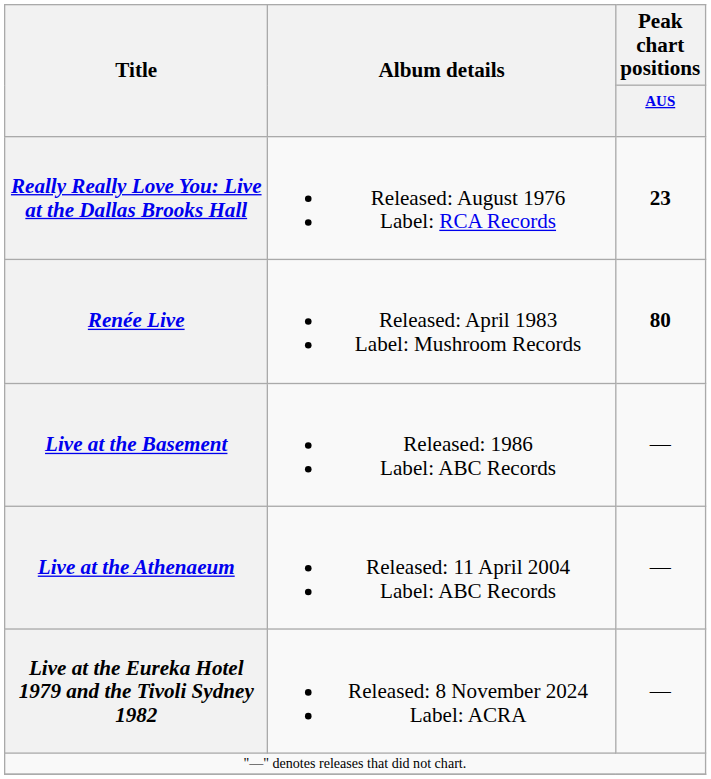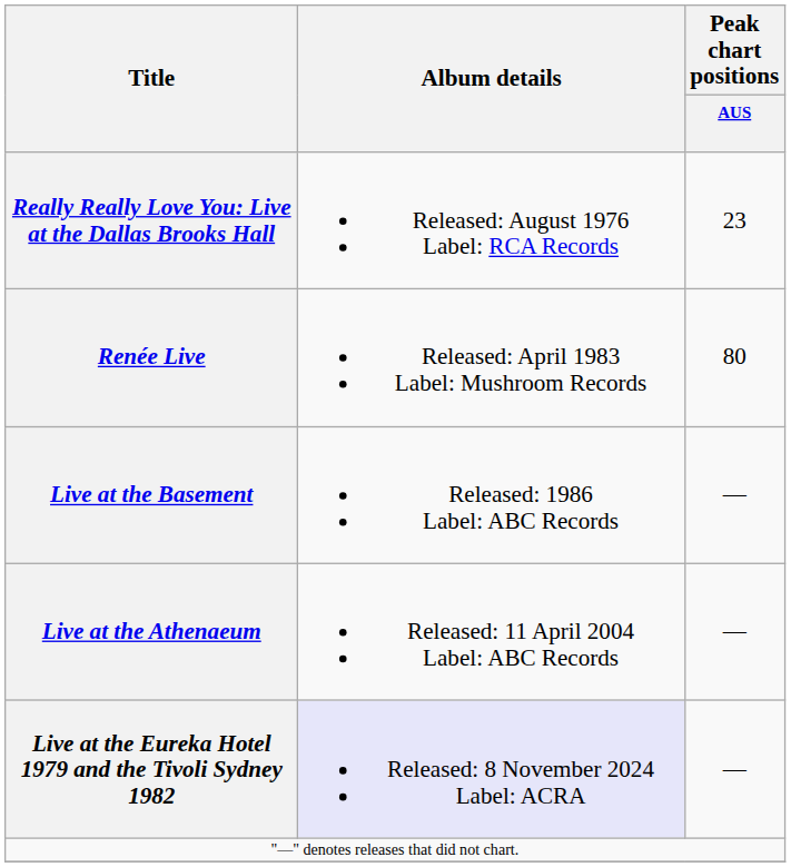 <table class="wikitable plainrowheaders" style="text-align:center;" border="1">
 <tr>
 <th scope="col" rowspan="2" style="width:12em;">Title</th>
 <th scope="col" rowspan="2" style="width:16em;">Album details</th>
 <th colspan="1">Peak chart positions</th>
 </tr>
 <tr>
 <th scope="col" style="width:3em; font-size:85%"><small><a href='#'>AUS</a><br><br></small></th>
 </tr>
 <tr>
 <th scope="row"><em><a href='#'>Really Really Love You: Live at the Dallas Brooks Hall</a></em></th>
 <td><br><ul><li>Released: August 1976</li><li>Label: <a href='#'>RCA Records</a></li></ul></td>
-<td align="center"><strong>23</strong></td>
+<td align="center">23</td>
 </tr>
 <tr>
 <th scope="row"><em><a href='#'>Renée Live</a></em></th>
 <td><br><ul><li>Released: April 1983</li><li>Label: Mushroom Records</li></ul></td>
-<td align="center"><strong>80</strong></td>
+<td align="center">80</td>
 </tr>
 <tr>
 <th scope="row"><em><a href='#'>Live at the Basement</a></em></th>
 <td><br><ul><li>Released: 1986</li><li>Label: ABC Records</li></ul></td>
 <td align="center">—</td>
 </tr>
 <tr>
 <th scope="row"><em><a href='#'>Live at the Athenaeum</a></em></th>
 <td><br><ul><li>Released: 11 April 2004</li><li>Label: ABC Records</li></ul></td>
 <td align="center">—</td>
 </tr>
 <tr>
 <th scope="row"><em>Live at the Eureka Hotel 1979 and the Tivoli Sydney 1982</em></th>
-<td><br><ul><li>Released: 8 November 2024</li><li>Label: ACRA</li></ul></td>
+<td style="background: lavender;"><br><ul><li>Released: 8 November 2024</li><li>Label: ACRA</li></ul></td>
 <td align="center">—</td>
 </tr>
 <tr>
 <td align="center" colspan="7" style="font-size: 8pt">"—" denotes releases that did not chart.</td>
 </tr>
 <tr>
 </tr>
 </table>
